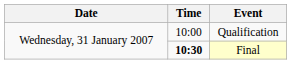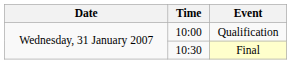 <table class = "wikitable" style="text-align:center;">
 <tr>
 <th width=220>Date</th>
 <th width=50>Time</th>
 <th width=100>Event</th>
 </tr>
 <tr>
 <td rowspan=2>Wednesday, 31 January 2007</td>
 <td>10:00</td>
 <td>Qualification</td>
 </tr>
 <tr>
-<td><strong>10:30</strong></td>
+<td>10:30</td>
 <td bgcolor=ffffcc>Final</td>
 </tr>
 </table>
